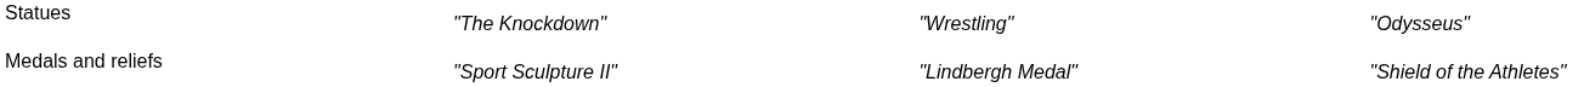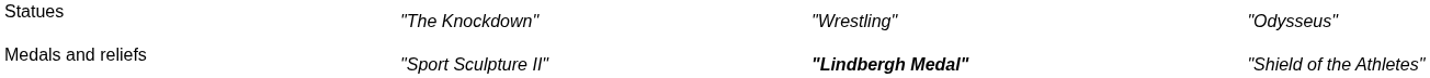 <table style="width:100%" >
 <tr>
 <td>Statues</td>
 <td><br><em>"The Knockdown"</em></td>
 <td><br><em>"Wrestling"</em></td>
 <td><br><em>"Odysseus"</em></td>
 </tr>
 <tr>
 <td>Medals and reliefs</td>
 <td><br><em>"Sport Sculpture II"</em></td>
-<td><br><em>"Lindbergh Medal"</em></td>
+<td><strong><br><em>"Lindbergh Medal"</em></strong></td>
 <td><br><em>"Shield of the Athletes"</em></td>
 </tr>
 </table>
